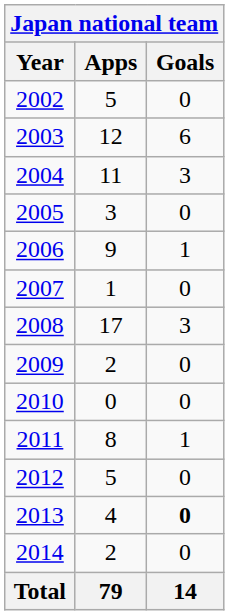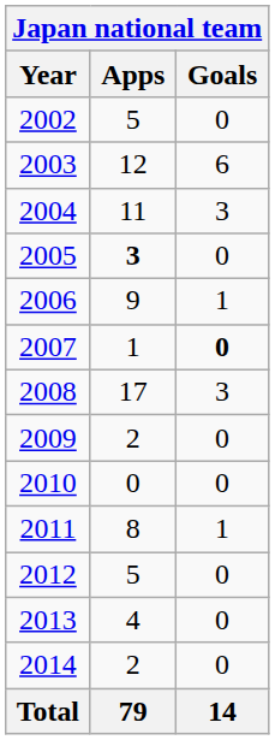 <table class="wikitable" style="text-align:center">
 <tr>
 <th colspan=3><a href='#'>Japan national team</a></th>
 </tr>
 <tr>
 <th>Year</th>
 <th>Apps</th>
 <th>Goals</th>
 </tr>
 <tr>
 <td><a href='#'>2002</a></td>
 <td>5</td>
 <td>0</td>
 </tr>
 <tr>
 <td><a href='#'>2003</a></td>
 <td>12</td>
 <td>6</td>
 </tr>
 <tr>
 <td><a href='#'>2004</a></td>
 <td>11</td>
 <td>3</td>
 </tr>
 <tr>
 <td><a href='#'>2005</a></td>
-<td>3</td>
+<td><strong>3</strong></td>
 <td>0</td>
 </tr>
 <tr>
 <td><a href='#'>2006</a></td>
 <td>9</td>
 <td>1</td>
 </tr>
 <tr>
 <td><a href='#'>2007</a></td>
 <td>1</td>
-<td>0</td>
+<td><strong>0</strong></td>
 </tr>
 <tr>
 <td><a href='#'>2008</a></td>
 <td>17</td>
 <td>3</td>
 </tr>
 <tr>
 <td><a href='#'>2009</a></td>
 <td>2</td>
 <td>0</td>
 </tr>
 <tr>
 <td><a href='#'>2010</a></td>
 <td>0</td>
 <td>0</td>
 </tr>
 <tr>
 <td><a href='#'>2011</a></td>
 <td>8</td>
 <td>1</td>
 </tr>
 <tr>
 <td><a href='#'>2012</a></td>
 <td>5</td>
 <td>0</td>
 </tr>
 <tr>
 <td><a href='#'>2013</a></td>
 <td>4</td>
-<td><strong>0</strong></td>
+<td>0</td>
 </tr>
 <tr>
 <td><a href='#'>2014</a></td>
 <td>2</td>
 <td>0</td>
 </tr>
 <tr>
 <th>Total</th>
 <th>79</th>
 <th>14</th>
 </tr>
 </table>
